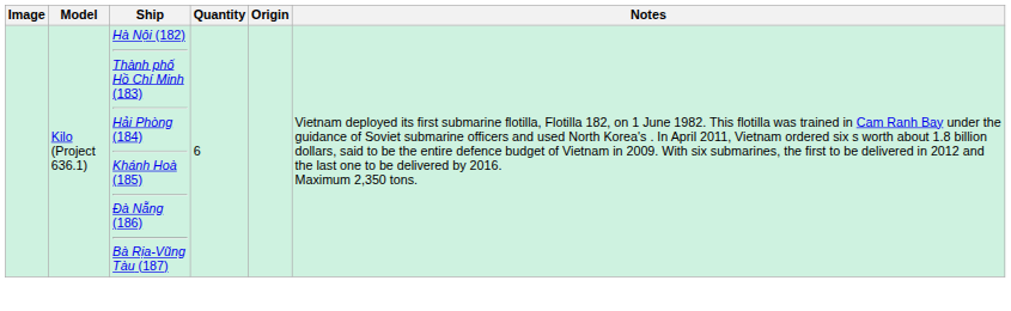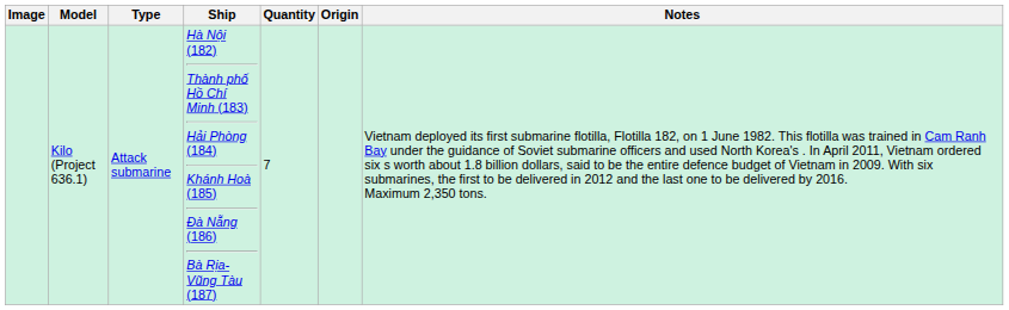 <table class="wikitable">
 <tr>
 <th>Image</th>
 <th>Model</th>
+<th>Type</th>
 <th>Ship</th>
 <th>Quantity</th>
 <th>Origin</th>
 <th>Notes</th>
 </tr>
 <tr>
 <td style="background: #CEF2E0"></td>
 <td style="background: #CEF2E0"><a href='#'>Kilo</a><br>(Project 636.1)</td>
+<td style="background: #CEF2E0"><a href='#'>Attack submarine</a></td>
 <td style="background: #CEF2E0"><a href='#'><em>Hà Nội</em> (182)</a> <hr> <a href='#'><em>Thành phố Hồ Chí Minh</em> (183)</a> <hr> <a href='#'><em>Hải Phòng</em> (184)</a> <hr> <a href='#'><em>Khánh Hoà</em> (185)</a> <hr> <a href='#'><em>Đà Nẵng</em> (186)</a> <hr> <a href='#'><em>Bà Rịa-Vũng Tàu</em> (187)</a></td>
-<td style="background: #CEF2E0">6</td>
+<td style="background: #CEF2E0">7</td>
 <td style="background: #CEF2E0"></td>
 <td style="background: #CEF2E0">Vietnam deployed its first submarine flotilla, Flotilla 182, on 1 June 1982. This flotilla was trained in <a href='#'>Cam Ranh Bay</a> under the guidance of Soviet submarine officers and used North Korea's . In April 2011, Vietnam ordered six s worth about 1.8 billion dollars, said to be the entire defence budget of Vietnam in 2009. With six submarines, the first to be delivered in 2012 and the last one to be delivered by 2016.<br>Maximum 2,350 tons.</td>
 </tr>
 </table>
